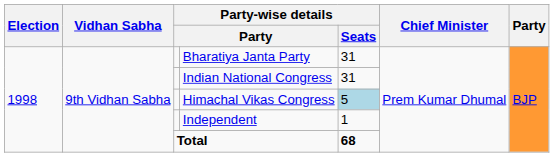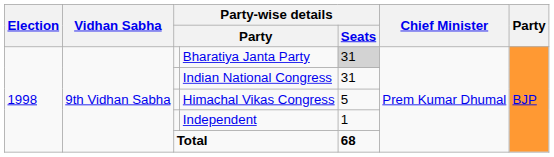 <table class="wikitable sortable">
 <tr>
 <th rowspan="2"><a href='#'>Election</a></th>
 <th rowspan="2"><a href='#'>Vidhan Sabha</a></th>
 <th colspan="3">Party-wise details</th>
 <th rowspan="2"><a href='#'>Chief Minister</a></th>
 <th rowspan="2">Party</th>
 </tr>
 <tr>
 <th colspan="2">Party</th>
 <th><a href='#'>Seats</a></th>
 </tr>
 <tr>
 <td rowspan="5"><a href='#'>1998</a></td>
 <td rowspan="5"><a href='#'>9th Vidhan Sabha</a></td>
 <td style="background-color: "></td>
 <td><a href='#'>Bharatiya Janta Party</a></td>
-<td>31</td>
+<td style="background: lightgrey;">31</td>
 <td rowspan="5"><a href='#'>Prem Kumar Dhumal</a></td>
 <td rowspan="5"; bgcolor=#FF9933><a href='#'>BJP</a></td>
 </tr>
 <tr>
 <td style="background-color: "></td>
 <td><a href='#'>Indian National Congress</a></td>
 <td>31</td>
 </tr>
 <tr>
 <td style="background-color: "></td>
 <td><a href='#'>Himachal Vikas Congress</a></td>
-<td style="background: lightblue;">5</td>
+<td>5</td>
 </tr>
 <tr>
 <td style="background-color: "></td>
 <td><a href='#'>Independent</a></td>
 <td>1</td>
 </tr>
 <tr>
 <td colspan="2"><strong>Total</strong></td>
 <td><strong>68</strong></td>
 </tr>
 </table>
